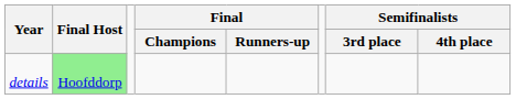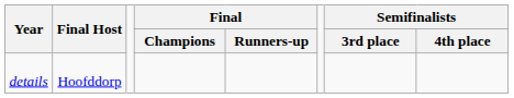 <table class="wikitable" style="font-size:90%; text-align: center;" width="80%">
 <tr>
 <th rowspan=2 width=5%>Year</th>
 <th rowspan=2 width=10%>Final Host</th>
 <td width=1% rowspan=37 style="border-top:none;border-bottom:none;"></td>
 <th colspan=2>Final</th>
 <td width=1% rowspan=37 style="border-top:none;border-bottom:none;"></td>
 <th colspan=2>Semifinalists</th>
 </tr>
 <tr>
 <th width=17%>Champions</th>
 <th width=17%>Runners-up</th>
 <th width=17%>3rd place</th>
 <th width=17%>4th place</th>
 </tr>
 <tr>
 <td><br><em><a href='#'>details</a></em></td>
-<td style="background: lightgreen;"><br><a href='#'>Hoofddorp</a></td>
+<td><br><a href='#'>Hoofddorp</a></td>
 <td><strong></strong></td>
 <td></td>
 <td></td>
 <td></td>
 </tr>
 </table>
